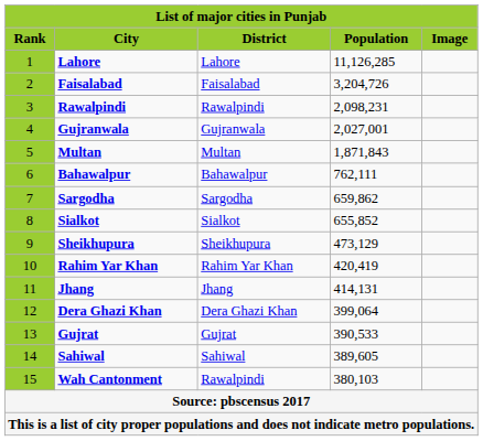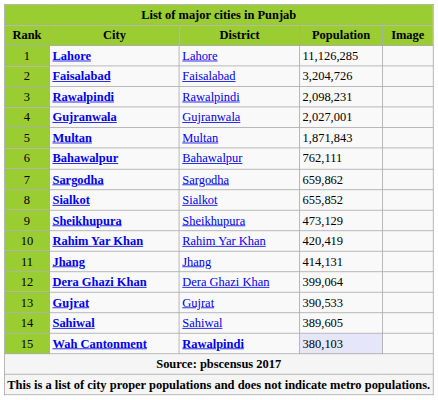 <table class="wikitable" style="font-size: 95%; border: #999 solid 1px; text-align: lcenter;">
 <tr>
 <th colspan="5" style="text-align:center; background:YellowGreen;"><strong>List of major cities in Punjab</strong></th>
 </tr>
 <tr>
 <th style="text-align:center; background:YellowGreen;">Rank</th>
 <th style="text-align:center; background:YellowGreen;">City</th>
 <th style="text-align:center; background:YellowGreen;">District</th>
 <th style="text-align:center; background:YellowGreen;">Population</th>
 <th style="text-align:center; background:YellowGreen;">Image</th>
 </tr>
 <tr>
 <td style="text-align:center; background:YellowGreen;">1</td>
 <td align=left><strong><a href='#'>Lahore</a></strong></td>
 <td align=left><a href='#'>Lahore</a></td>
 <td>11,126,285</td>
 <td></td>
 </tr>
 <tr>
 <td style="text-align:center; background:YellowGreen;">2</td>
 <td align=left><strong><a href='#'>Faisalabad</a></strong></td>
 <td align=left><a href='#'>Faisalabad</a></td>
 <td>3,204,726</td>
 <td></td>
 </tr>
 <tr>
 <td style="text-align:center; background:YellowGreen;">3</td>
 <td align=left><strong><a href='#'>Rawalpindi</a></strong></td>
 <td align=left><a href='#'>Rawalpindi</a></td>
 <td>2,098,231</td>
 <td></td>
 </tr>
 <tr>
 <td style="text-align:center; background:YellowGreen;">4</td>
 <td align="left"><strong><a href='#'>Gujranwala</a></strong></td>
 <td align="left"><a href='#'>Gujranwala</a></td>
 <td>2,027,001</td>
 <td></td>
 </tr>
 <tr>
 <td style="text-align:center; background:YellowGreen;">5</td>
 <td align="left"><strong><a href='#'>Multan</a></strong></td>
 <td align="left"><a href='#'>Multan</a></td>
 <td>1,871,843</td>
 <td></td>
 </tr>
 <tr>
 <td style="text-align:center; background:YellowGreen;">6</td>
 <td align="left"><strong><a href='#'>Bahawalpur</a></strong></td>
 <td align="left"><a href='#'>Bahawalpur</a></td>
 <td>762,111</td>
 <td></td>
 </tr>
 <tr>
 <td style="text-align:center; background:YellowGreen;">7</td>
 <td align=left><strong><a href='#'>Sargodha</a></strong></td>
 <td align=left><a href='#'>Sargodha</a></td>
 <td>659,862</td>
 <td></td>
 </tr>
 <tr>
 <td style="text-align:center; background:YellowGreen;">8</td>
 <td align="left"><strong><a href='#'>Sialkot</a></strong></td>
 <td align="left"><a href='#'>Sialkot</a></td>
 <td>655,852</td>
 <td></td>
 </tr>
 <tr>
 <td style="text-align:center; background:YellowGreen;">9</td>
 <td align="left"><strong><a href='#'>Sheikhupura</a></strong></td>
 <td align="left"><a href='#'>Sheikhupura</a></td>
 <td>473,129</td>
 <td></td>
 </tr>
 <tr>
 <td style="text-align:center; background:YellowGreen;">10</td>
 <td align="left"><strong><a href='#'>Rahim Yar Khan</a></strong></td>
 <td align="left"><a href='#'>Rahim Yar Khan</a></td>
 <td>420,419</td>
 <td></td>
 </tr>
 <tr>
 <td style="text-align:center; background:YellowGreen;">11</td>
 <td align=left><strong><a href='#'>Jhang</a></strong></td>
 <td align=left><a href='#'>Jhang</a></td>
 <td>414,131</td>
 <td></td>
 </tr>
 <tr>
 <td style="text-align:center; background:YellowGreen;">12</td>
 <td align="left"><strong><a href='#'>Dera Ghazi Khan</a></strong></td>
 <td align="left"><a href='#'>Dera Ghazi Khan</a></td>
 <td>399,064</td>
 <td></td>
 </tr>
 <tr>
 <td style="text-align:center; background:YellowGreen;">13</td>
 <td align="left"><strong><a href='#'>Gujrat</a></strong></td>
 <td align="left"><a href='#'>Gujrat</a></td>
 <td>390,533</td>
 <td></td>
 </tr>
 <tr>
 <td style="text-align:center; background:YellowGreen;">14</td>
 <td align="left"><strong><a href='#'>Sahiwal</a></strong></td>
 <td align="left"><a href='#'>Sahiwal</a></td>
 <td>389,605</td>
 <td></td>
 </tr>
 <tr>
 <td style="text-align:center; background:YellowGreen;">15</td>
 <td align="left"><strong><a href='#'>Wah Cantonment</a></strong></td>
-<td align="left"><a href='#'>Rawalpindi</a></td>
-<td>380,103</td>
+<td align="left"><strong><a href='#'>Rawalpindi</a></strong></td>
+<td style="background: lavender;">380,103</td>
 <td></td>
 </tr>
 <tr>
 <td colspan="5" style="text-align:center; background:#f5f5f5;"><strong>Source: pbscensus 2017</strong></td>
 </tr>
 <tr>
 <td colspan="5" style="text-align:center; background:#f5f5f5;"><strong>This is a list of city proper populations and does not indicate metro populations.</strong></td>
 </tr>
 </table>
